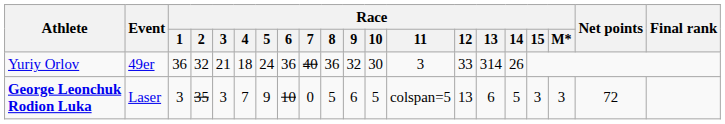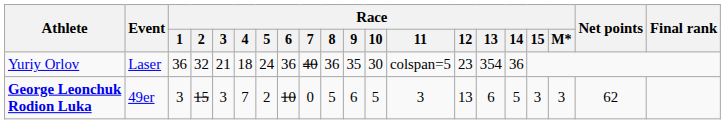 <table class="wikitable" style="font-size:90%">
 <tr>
 <th rowspan=2>Athlete</th>
 <th rowspan=2>Event</th>
 <th colspan=16>Race</th>
 <th rowspan=2>Net points</th>
 <th rowspan=2>Final rank</th>
 </tr>
 <tr style="font-size:95%">
 <th>1</th>
 <th>2</th>
 <th>3</th>
 <th>4</th>
 <th>5</th>
 <th>6</th>
 <th>7</th>
 <th>8</th>
 <th>9</th>
 <th>10</th>
 <th>11</th>
 <th>12</th>
 <th>13</th>
 <th>14</th>
 <th>15</th>
 <th>M*</th>
 </tr>
 <tr align=center>
 <td align=left><a href='#'>Yuriy Orlov</a></td>
-<td align=left><a href='#'>49er</a></td>
+<td align=left><a href='#'>Laser</a></td>
 <td>36</td>
 <td>32</td>
 <td>21</td>
 <td>18</td>
 <td>24</td>
 <td>36</td>
 <td><s>40</s></td>
 <td>36</td>
-<td>32</td>
+<td>35</td>
 <td>30</td>
-<td>3</td>
-<td>33</td>
-<td>314</td>
-<td>26</td>
+<td>colspan=5 </td>
+<td>23</td>
+<td>354</td>
+<td>36</td>
 </tr>
 <tr align=center>
 <td align=left><strong><a href='#'>George Leonchuk</a><br><a href='#'>Rodion Luka</a></strong></td>
-<td align=left><a href='#'>Laser</a></td>
+<td align=left><a href='#'>49er</a></td>
 <td>3</td>
-<td><s>35</s></td>
+<td><s>15</s></td>
 <td>3</td>
 <td>7</td>
-<td>9</td>
+<td>2</td>
 <td><s>10</s></td>
 <td>0</td>
 <td>5</td>
 <td>6</td>
 <td>5</td>
-<td>colspan=5 </td>
+<td>3</td>
 <td>13</td>
 <td>6</td>
 <td>5</td>
 <td>3</td>
 <td>3</td>
-<td>72</td>
+<td>62</td>
 <td></td>
 </tr>
 </table>
